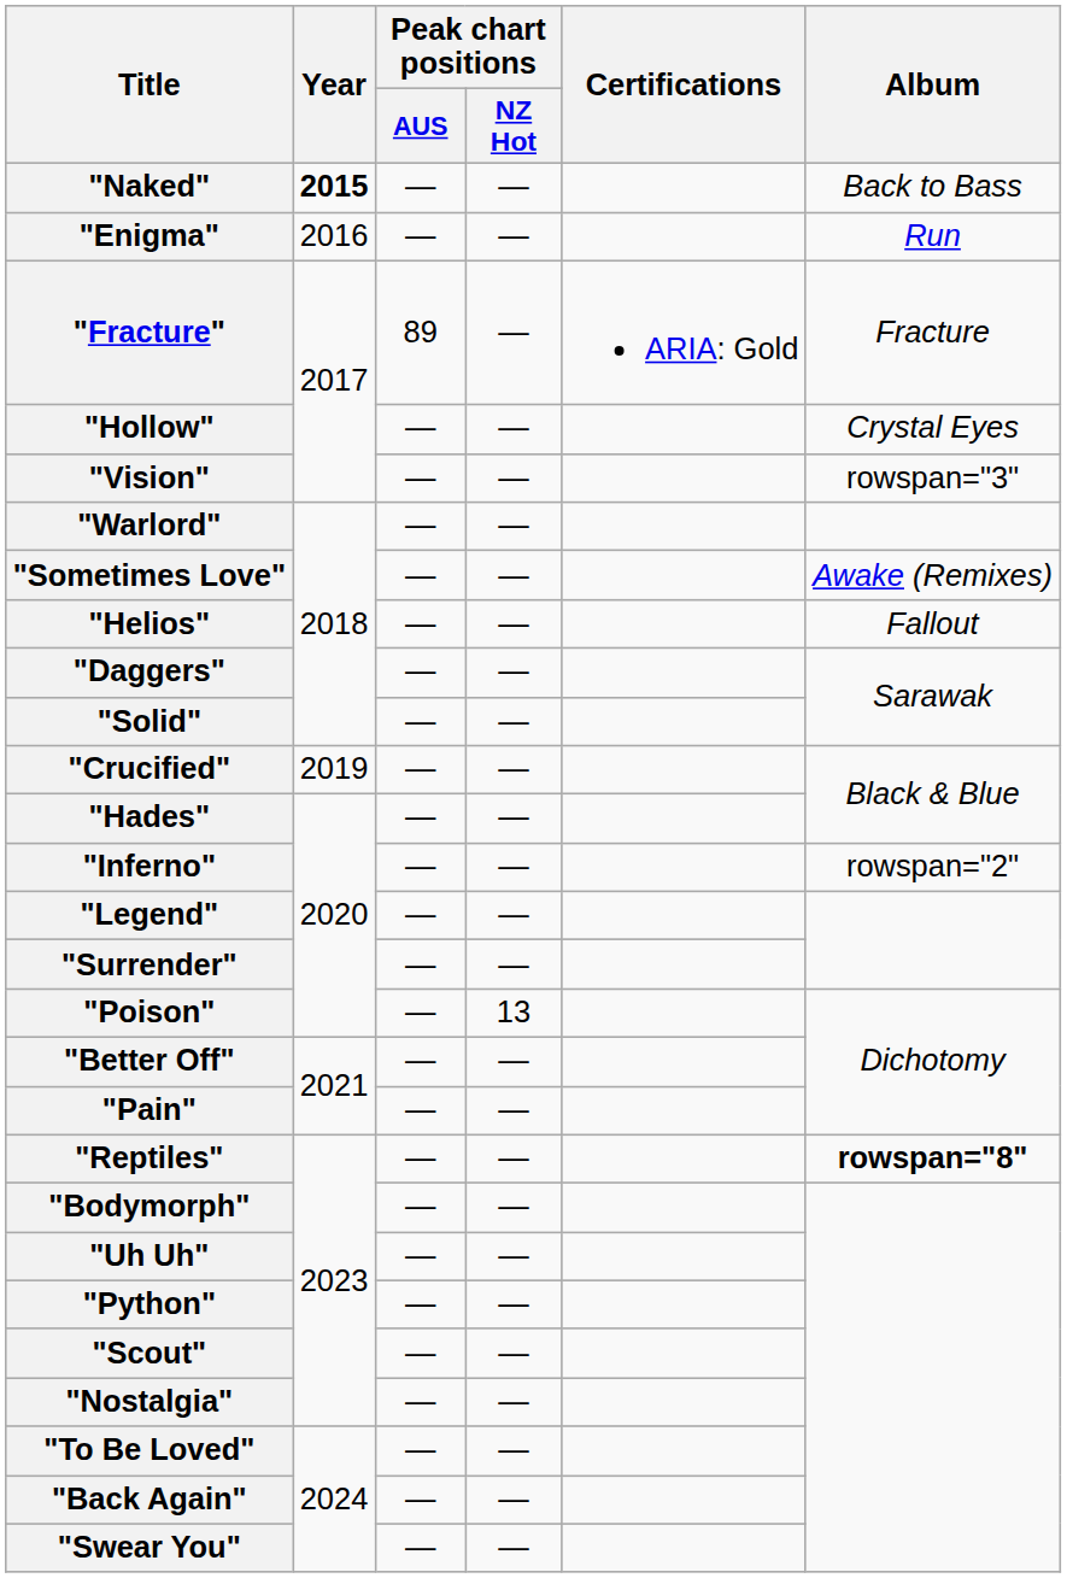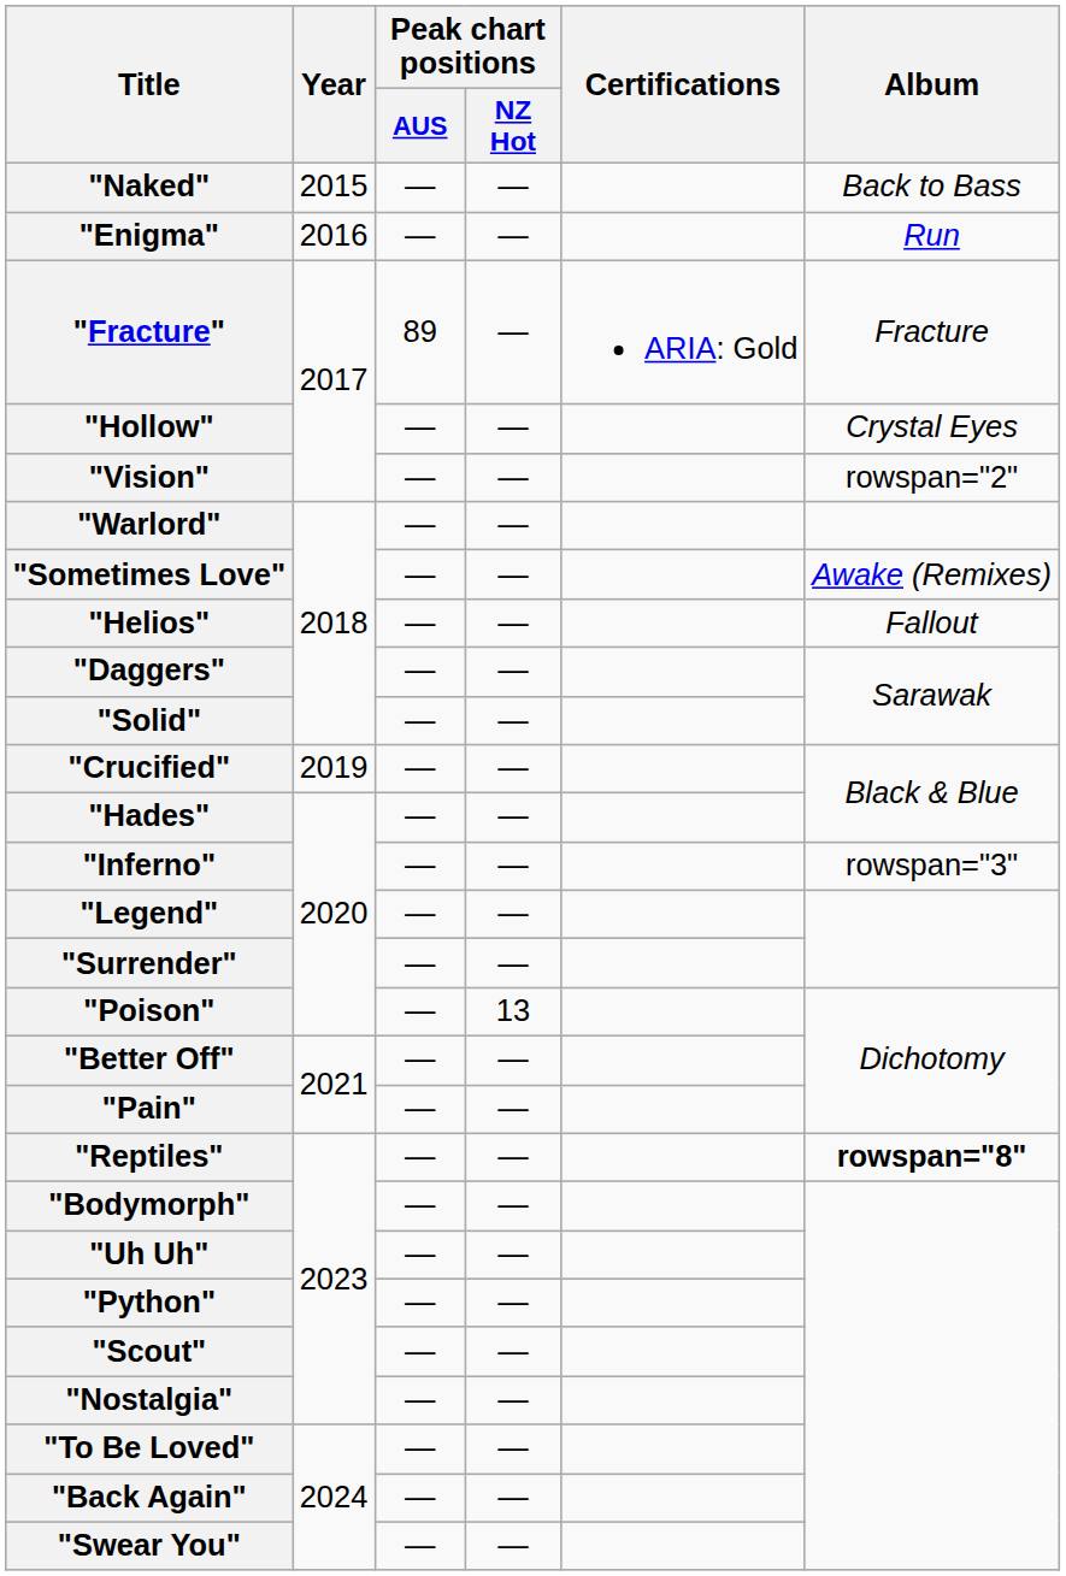 <table class="wikitable plainrowheaders" style="text-align:center;">
 <tr>
 <th scope="col" rowspan="2">Title</th>
 <th scope="col" rowspan="2">Year</th>
 <th scope="col" colspan="2">Peak chart positions</th>
 <th scope="col" rowspan="2">Certifications</th>
 <th scope="col" rowspan="2">Album</th>
 </tr>
 <tr>
 <th scope="col" style="width:3em;font-size:85%;"><a href='#'>AUS</a><br></th>
 <th scope="col" style="width:3em;font-size:90%;"><a href='#'>NZ<br>Hot</a><br></th>
 </tr>
 <tr>
 <th scope="row">"Naked"<br></th>
-<td><strong>2015</strong></td>
+<td>2015</td>
 <td>—</td>
 <td>—</td>
 <td></td>
 <td><em>Back to Bass</em></td>
 </tr>
 <tr>
 <th scope="row">"Enigma"</th>
 <td>2016</td>
 <td>—</td>
 <td>—</td>
 <td></td>
 <td><em><a href='#'>Run</a></em></td>
 </tr>
 <tr>
 <th scope="row">"<a href='#'>Fracture</a>"<br></th>
 <td rowspan="3">2017</td>
 <td>89</td>
 <td>—</td>
 <td><br><ul><li><a href='#'>ARIA</a>: Gold</li></ul></td>
 <td><em>Fracture</em></td>
 </tr>
 <tr>
 <th scope="row">"Hollow"<br></th>
 <td>—</td>
 <td>—</td>
 <td></td>
 <td><em>Crystal Eyes</em></td>
 </tr>
 <tr>
 <th scope="row">"Vision"<br></th>
 <td>—</td>
 <td>—</td>
 <td></td>
-<td>rowspan="3" </td>
+<td>rowspan="2" </td>
 </tr>
 <tr>
 <th scope="row">"Warlord"<br></th>
 <td rowspan="5">2018</td>
 <td>—</td>
 <td>—</td>
 <td></td>
 </tr>
 <tr>
 <th scope="row">"Sometimes Love"<br></th>
 <td>—</td>
 <td>—</td>
 <td></td>
 <td><em><a href='#'>Awake</a> (Remixes)</em></td>
 </tr>
 <tr>
 <th scope="row">"Helios"<br></th>
 <td>—</td>
 <td>—</td>
 <td></td>
 <td><em>Fallout</em></td>
 </tr>
 <tr>
 <th scope="row">"Daggers"<br></th>
 <td>—</td>
 <td>—</td>
 <td></td>
 <td rowspan="2"><em>Sarawak</em></td>
 </tr>
 <tr>
 <th scope="row">"Solid"<br></th>
 <td>—</td>
 <td>—</td>
 <td></td>
 </tr>
 <tr>
 <th scope="row">"Crucified"<br></th>
 <td>2019</td>
 <td>—</td>
 <td>—</td>
 <td></td>
 <td rowspan="2"><em>Black & Blue</em></td>
 </tr>
 <tr>
 <th scope="row">"Hades"<br></th>
 <td rowspan="5">2020</td>
 <td>—</td>
 <td>—</td>
 <td></td>
 </tr>
 <tr>
 <th scope="row">"Inferno"<br></th>
 <td>—</td>
 <td>—</td>
 <td></td>
-<td>rowspan="2" </td>
+<td>rowspan="3" </td>
 </tr>
 <tr>
 <th scope="row">"Legend"<br></th>
 <td>—</td>
 <td>—</td>
 <td></td>
 </tr>
 <tr>
 <th scope="row">"Surrender"</th>
 <td>—</td>
 <td>—</td>
 <td></td>
 </tr>
 <tr>
 <th scope="row">"Poison"<br></th>
 <td>—</td>
 <td>13</td>
 <td></td>
 <td rowspan="3"><em>Dichotomy</em></td>
 </tr>
 <tr>
 <th scope="row">"Better Off"<br></th>
 <td rowspan="2">2021</td>
 <td>—</td>
 <td>—</td>
 <td></td>
 </tr>
 <tr>
 <th scope="row">"Pain"<br></th>
 <td>—</td>
 <td>—</td>
 <td></td>
 </tr>
 <tr>
 <th scope="row">"Reptiles"</th>
 <td rowspan="6">2023</td>
 <td>—</td>
 <td>—</td>
 <td></td>
 <td><strong>rowspan="8" </strong></td>
 </tr>
 <tr>
 <th scope="row">"Bodymorph"</th>
 <td>—</td>
 <td>—</td>
 <td></td>
 </tr>
 <tr>
 <th scope="row">"Uh Uh"</th>
 <td>—</td>
 <td>—</td>
 <td></td>
 </tr>
 <tr>
 <th scope="row">"Python"</th>
 <td>—</td>
 <td>—</td>
 <td></td>
 </tr>
 <tr>
 <th scope="row">"Scout"</th>
 <td>—</td>
 <td>—</td>
 <td></td>
 </tr>
 <tr>
 <th scope="row">"Nostalgia"<br></th>
 <td>—</td>
 <td>—</td>
 <td></td>
 </tr>
 <tr>
 <th scope="row">"To Be Loved"</th>
 <td rowspan="3">2024</td>
 <td>—</td>
 <td>—</td>
 <td></td>
 </tr>
 <tr>
 <th scope="row">"Back Again"</th>
 <td>—</td>
 <td>—</td>
 <td></td>
 </tr>
 <tr>
 <th scope="row">"Swear You"</th>
 <td>—</td>
 <td>—</td>
 <td></td>
 </tr>
 </table>
